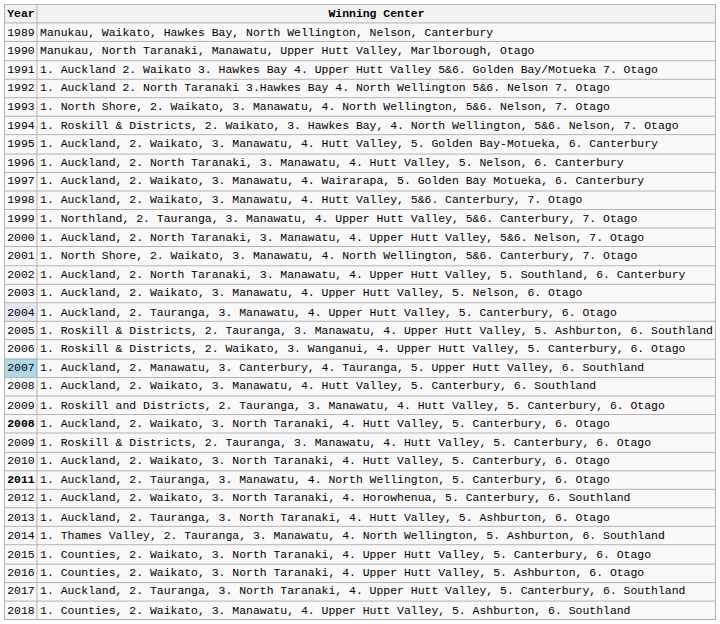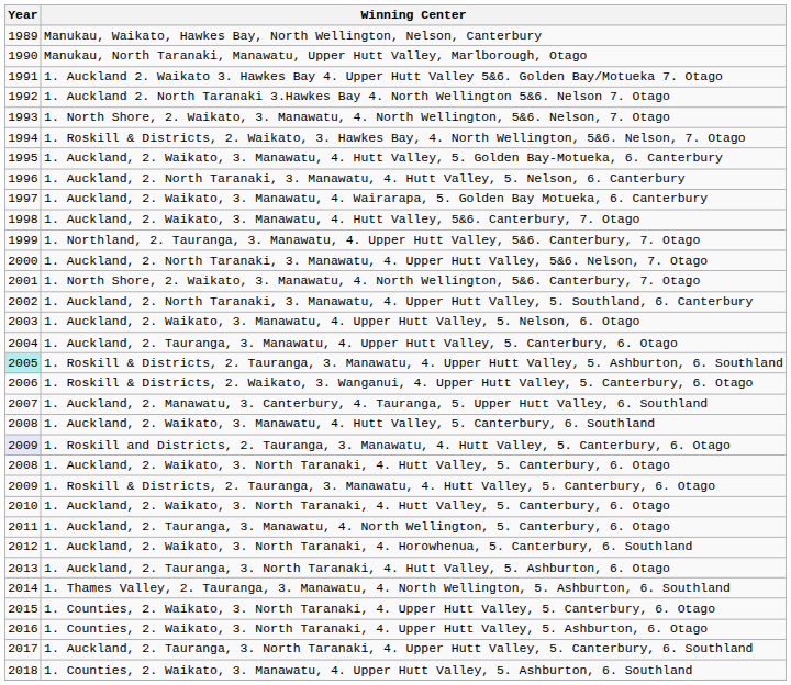 <table class="wikitable sortable">
 <tr>
 <th>Year</th>
 <th>Winning Center</th>
 </tr>
 <tr>
 <td>1989</td>
 <td>Manukau, Waikato, Hawkes Bay, North Wellington, Nelson, Canterbury</td>
 </tr>
 <tr>
 <td>1990</td>
 <td>Manukau, North Taranaki, Manawatu, Upper Hutt Valley, Marlborough, Otago</td>
 </tr>
 <tr>
 <td>1991</td>
 <td>1. Auckland 2. Waikato 3. Hawkes Bay 4. Upper Hutt Valley 5&6. Golden Bay/Motueka 7. Otago</td>
 </tr>
 <tr>
 <td>1992</td>
 <td>1. Auckland 2. North Taranaki 3.Hawkes Bay 4. North Wellington 5&6. Nelson 7. Otago</td>
 </tr>
 <tr>
 <td>1993</td>
 <td>1. North Shore, 2. Waikato, 3. Manawatu, 4. North Wellington, 5&6. Nelson, 7. Otago</td>
 </tr>
 <tr>
 <td>1994</td>
 <td>1. Roskill & Districts, 2. Waikato, 3. Hawkes Bay, 4. North Wellington, 5&6. Nelson, 7. Otago</td>
 </tr>
 <tr>
 <td>1995</td>
 <td>1. Auckland, 2. Waikato, 3. Manawatu, 4. Hutt Valley, 5. Golden Bay-Motueka, 6. Canterbury</td>
 </tr>
 <tr>
 <td>1996</td>
 <td>1. Auckland, 2. North Taranaki, 3. Manawatu, 4. Hutt Valley, 5. Nelson, 6. Canterbury</td>
 </tr>
 <tr>
 <td>1997</td>
 <td>1. Auckland, 2. Waikato, 3. Manawatu, 4. Wairarapa, 5. Golden Bay Motueka, 6. Canterbury</td>
 </tr>
 <tr>
 <td>1998</td>
 <td>1. Auckland, 2. Waikato, 3. Manawatu, 4. Hutt Valley, 5&6. Canterbury, 7. Otago</td>
 </tr>
 <tr>
 <td>1999</td>
 <td>1. Northland, 2. Tauranga, 3. Manawatu, 4. Upper Hutt Valley, 5&6. Canterbury, 7. Otago</td>
 </tr>
 <tr>
 <td>2000</td>
 <td>1. Auckland, 2. North Taranaki, 3. Manawatu, 4. Upper Hutt Valley, 5&6. Nelson, 7. Otago</td>
 </tr>
 <tr>
 <td>2001</td>
 <td>1. North Shore, 2. Waikato, 3. Manawatu, 4. North Wellington, 5&6. Canterbury, 7. Otago</td>
 </tr>
 <tr>
 <td>2002</td>
 <td>1. Auckland, 2. North Taranaki, 3. Manawatu, 4. Upper Hutt Valley, 5. Southland, 6. Canterbury</td>
 </tr>
 <tr>
 <td>2003</td>
 <td>1. Auckland, 2. Waikato, 3. Manawatu, 4. Upper Hutt Valley, 5. Nelson, 6. Otago</td>
 </tr>
 <tr>
-<td style="background: lavender;">2004</td>
+<td>2004</td>
 <td>1. Auckland, 2. Tauranga, 3. Manawatu, 4. Upper Hutt Valley, 5. Canterbury, 6. Otago</td>
 </tr>
 <tr>
-<td>2005</td>
+<td style="background: paleturquoise;">2005</td>
 <td>1. Roskill & Districts, 2. Tauranga, 3. Manawatu, 4. Upper Hutt Valley, 5. Ashburton, 6. Southland</td>
 </tr>
 <tr>
 <td>2006</td>
 <td>1. Roskill & Districts, 2. Waikato, 3. Wanganui, 4. Upper Hutt Valley, 5. Canterbury, 6. Otago</td>
 </tr>
 <tr>
-<td style="background: lightblue;">2007</td>
+<td>2007</td>
 <td>1. Auckland, 2. Manawatu, 3. Canterbury, 4. Tauranga, 5. Upper Hutt Valley, 6. Southland</td>
 </tr>
 <tr>
 <td>2008</td>
 <td>1. Auckland, 2. Waikato, 3. Manawatu, 4. Hutt Valley, 5. Canterbury, 6. Southland</td>
 </tr>
 <tr>
-<td>2009</td>
+<td style="background: lavender;">2009</td>
 <td>1. Roskill and Districts, 2. Tauranga, 3. Manawatu, 4. Hutt Valley, 5. Canterbury, 6. Otago</td>
 </tr>
 <tr>
-<td><strong>2008</strong></td>
+<td>2008</td>
 <td>1. Auckland, 2. Waikato, 3. North Taranaki, 4. Hutt Valley, 5. Canterbury, 6. Otago</td>
 </tr>
 <tr>
 <td>2009</td>
 <td>1. Roskill & Districts, 2. Tauranga, 3. Manawatu, 4. Hutt Valley, 5. Canterbury, 6. Otago</td>
 </tr>
 <tr>
 <td>2010</td>
 <td>1. Auckland, 2. Waikato, 3. North Taranaki, 4. Hutt Valley, 5. Canterbury, 6. Otago</td>
 </tr>
 <tr>
-<td><strong>2011</strong></td>
+<td>2011</td>
 <td>1. Auckland, 2. Tauranga, 3. Manawatu, 4. North Wellington, 5. Canterbury, 6. Otago</td>
 </tr>
 <tr>
 <td>2012</td>
 <td>1. Auckland, 2. Waikato, 3. North Taranaki, 4. Horowhenua, 5. Canterbury, 6. Southland</td>
 </tr>
 <tr>
 <td>2013</td>
 <td>1. Auckland, 2. Tauranga, 3. North Taranaki, 4. Hutt Valley, 5. Ashburton, 6. Otago</td>
 </tr>
 <tr>
 <td>2014</td>
 <td>1. Thames Valley, 2. Tauranga, 3. Manawatu, 4. North Wellington, 5. Ashburton, 6. Southland</td>
 </tr>
 <tr>
 <td>2015</td>
 <td>1. Counties, 2. Waikato, 3. North Taranaki, 4. Upper Hutt Valley, 5. Canterbury, 6. Otago</td>
 </tr>
 <tr>
 <td>2016</td>
 <td>1. Counties, 2. Waikato, 3. North Taranaki, 4. Upper Hutt Valley, 5. Ashburton, 6. Otago</td>
 </tr>
 <tr>
 <td>2017</td>
 <td>1. Auckland, 2. Tauranga, 3. North Taranaki, 4. Upper Hutt Valley, 5. Canterbury, 6. Southland</td>
 </tr>
 <tr>
 <td>2018</td>
 <td>1. Counties, 2. Waikato, 3. Manawatu, 4. Upper Hutt Valley, 5. Ashburton, 6. Southland</td>
 </tr>
 <tr>
 </tr>
 </table>
